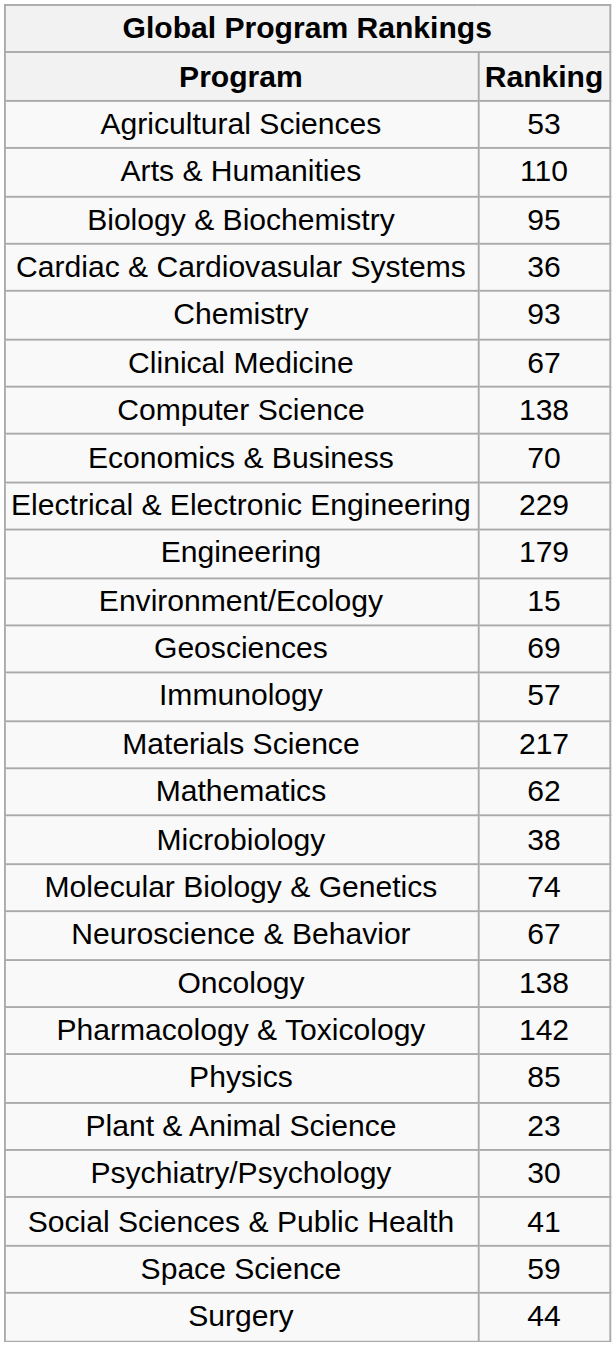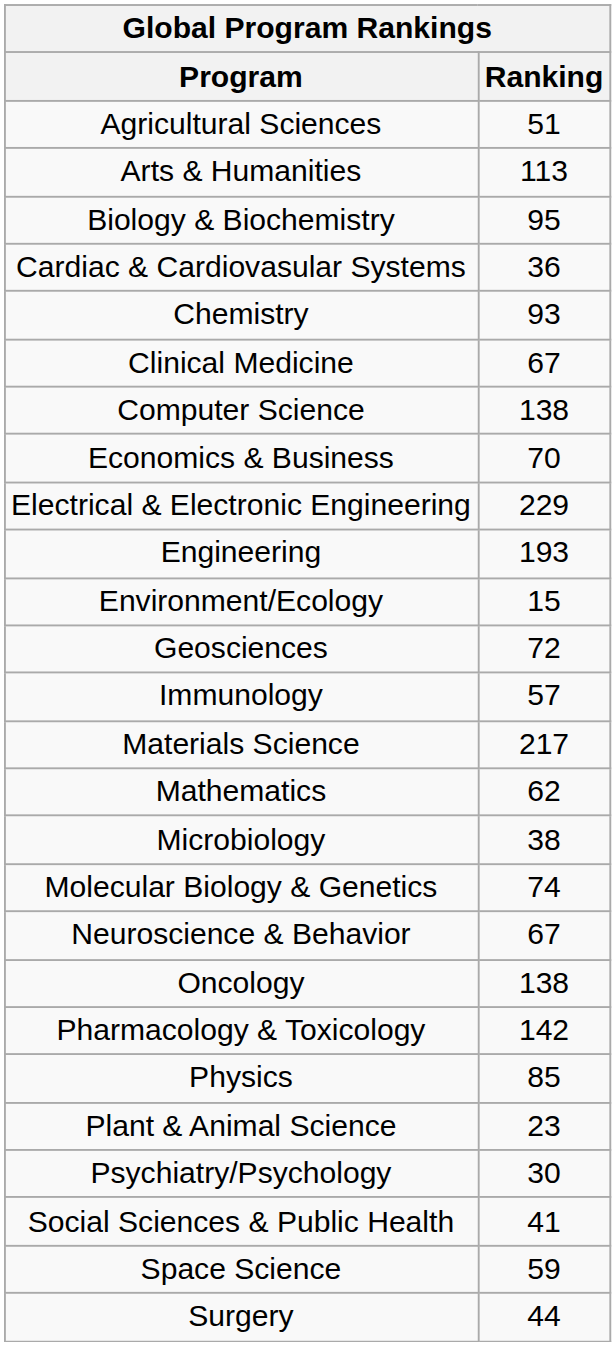 <table class="wikitable sortable collapsible collapsed" style="float:right; text-align:center">
 <tr>
 <th colspan=4>Global Program Rankings</th>
 </tr>
 <tr>
 <th>Program</th>
 <th>Ranking</th>
 </tr>
 <tr>
 <td>Agricultural Sciences</td>
-<td>53</td>
+<td>51</td>
 </tr>
 <tr>
 <td>Arts & Humanities</td>
-<td>110</td>
+<td>113</td>
 </tr>
 <tr>
 <td>Biology & Biochemistry</td>
 <td>95</td>
 </tr>
 <tr>
 <td>Cardiac & Cardiovasular Systems</td>
 <td>36</td>
 </tr>
 <tr>
 <td>Chemistry</td>
 <td>93</td>
 </tr>
 <tr>
 <td>Clinical Medicine</td>
 <td>67</td>
 </tr>
 <tr>
 <td>Computer Science</td>
 <td>138</td>
 </tr>
 <tr>
 <td>Economics & Business</td>
 <td>70</td>
 </tr>
 <tr>
 <td>Electrical & Electronic Engineering</td>
 <td>229</td>
 </tr>
 <tr>
 <td>Engineering</td>
-<td>179</td>
+<td>193</td>
 </tr>
 <tr>
 <td>Environment/Ecology</td>
 <td>15</td>
 </tr>
 <tr>
 <td>Geosciences</td>
-<td>69</td>
+<td>72</td>
 </tr>
 <tr>
 <td>Immunology</td>
 <td>57</td>
 </tr>
 <tr>
 <td>Materials Science</td>
 <td>217</td>
 </tr>
 <tr>
 <td>Mathematics</td>
 <td>62</td>
 </tr>
 <tr>
 <td>Microbiology</td>
 <td>38</td>
 </tr>
 <tr>
 <td>Molecular Biology & Genetics</td>
 <td>74</td>
 </tr>
 <tr>
 <td>Neuroscience & Behavior</td>
 <td>67</td>
 </tr>
 <tr>
 <td>Oncology</td>
 <td>138</td>
 </tr>
 <tr>
 <td>Pharmacology & Toxicology</td>
 <td>142</td>
 </tr>
 <tr>
 <td>Physics</td>
 <td>85</td>
 </tr>
 <tr>
 <td>Plant & Animal Science</td>
 <td>23</td>
 </tr>
 <tr>
 <td>Psychiatry/Psychology</td>
 <td>30</td>
 </tr>
 <tr>
 <td>Social Sciences & Public Health</td>
 <td>41</td>
 </tr>
 <tr>
 <td>Space Science</td>
 <td>59</td>
 </tr>
 <tr>
 <td>Surgery</td>
 <td>44</td>
 </tr>
 </table>
